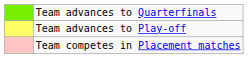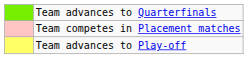 <table class="wikitable">
 <tr>
 <td style="background:#76ee00">    </td>
 <td>Team advances to <a href='#'>Quarterfinals</a></td>
 </tr>
 <tr>
+<td style="background:#ffc5c5">    </td>
+<td>Team competes in <a href='#'>Placement matches</a></td>
+</tr>
+<tr>
 <td style="background:#ffff66">    </td>
 <td>Team advances to <a href='#'>Play-off</a></td>
 </tr>
-<tr>
-<td style="background:#ffc5c5">    </td>
-<td>Team competes in <a href='#'>Placement matches</a></td>
-</tr>
 </table>
